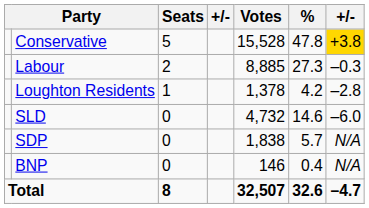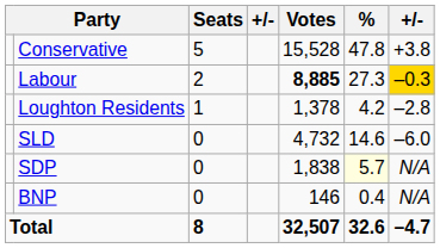 <table class="wikitable sortable">
 <tr>
 <th colspan="2">Party</th>
 <th>Seats</th>
 <th>+/-</th>
 <th>Votes</th>
 <th>%</th>
 <th>+/-</th>
 </tr>
 <tr>
 <td style="background-color: "></td>
 <td><a href='#'>Conservative</a></td>
 <td>5</td>
 <td></td>
 <td style="text-align:right;">15,528</td>
 <td style="text-align:right;">47.8</td>
-<td style="background: gold; text-align:right;">+3.8</td>
+<td style="text-align:right;">+3.8</td>
 </tr>
 <tr>
 <td style="background-color: "></td>
 <td><a href='#'>Labour</a></td>
 <td>2</td>
 <td></td>
-<td style="text-align:right;">8,885</td>
+<td style="text-align:right;"><strong>8,885</strong></td>
 <td style="text-align:right;">27.3</td>
-<td style="text-align:right;">–0.3</td>
+<td style="background: gold; text-align:right;">–0.3</td>
 </tr>
 <tr>
 <td style="background-color: "></td>
 <td><a href='#'>Loughton Residents</a></td>
 <td>1</td>
 <td></td>
 <td style="text-align:right;">1,378</td>
 <td style="text-align:right;">4.2</td>
 <td style="text-align:right;">–2.8</td>
 </tr>
 <tr>
 <td style="background-color: "></td>
 <td><a href='#'>SLD</a></td>
 <td>0</td>
 <td></td>
 <td style="text-align:right;">4,732</td>
 <td style="text-align:right;">14.6</td>
 <td style="text-align:right;">–6.0</td>
 </tr>
 <tr>
 <td style="background-color: "></td>
 <td><a href='#'>SDP</a></td>
 <td>0</td>
 <td></td>
 <td style="text-align:right;">1,838</td>
-<td style="text-align:right;">5.7</td>
+<td style="background: lightyellow; text-align:right;">5.7</td>
 <td style="text-align:right;"><em>N/A</em></td>
 </tr>
 <tr>
 <td style="background-color: "></td>
 <td><a href='#'>BNP</a></td>
 <td>0</td>
 <td></td>
 <td style="text-align:right;">146</td>
 <td style="text-align:right;">0.4</td>
 <td style="text-align:right;"><em>N/A</em></td>
 </tr>
 <tr>
 <td colspan="2"><strong>Total</strong></td>
 <td><strong>8</strong></td>
 <td></td>
 <td style="text-align:right;"><strong>32,507</strong></td>
 <td style="text-align:right;"><strong>32.6</strong></td>
 <td style="text-align:right;"><strong>–4.7</strong></td>
 </tr>
 </table>
